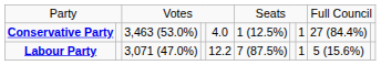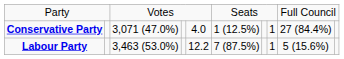 <table class=wikitable style="text-align:center;">
 <tr>
 <td colspan=2>Party</td>
 <td colspan=3>Votes</td>
 <td colspan=3>Seats</td>
 <td colspan=3>Full Council</td>
 </tr>
 <tr>
 <td><strong><a href='#'>Conservative Party</a></strong></td>
 <td style="background:"></td>
-<td>3,463 (53.0%)</td>
+<td>3,071 (47.0%)</td>
 <td></td>
 <td> 4.0</td>
 <td>1 (12.5%)</td>
 <td></td>
 <td> 1</td>
 <td>27 (84.4%)</td>
 <td></td>
 </tr>
 <tr>
 <td><strong><a href='#'>Labour Party</a></strong></td>
 <td style="background:"></td>
-<td>3,071 (47.0%)</td>
+<td>3,463 (53.0%)</td>
 <td></td>
 <td> 12.2</td>
 <td>7 (87.5%)</td>
 <td></td>
 <td> 1</td>
 <td>5 (15.6%)</td>
 <td></td>
 </tr>
 </table>
